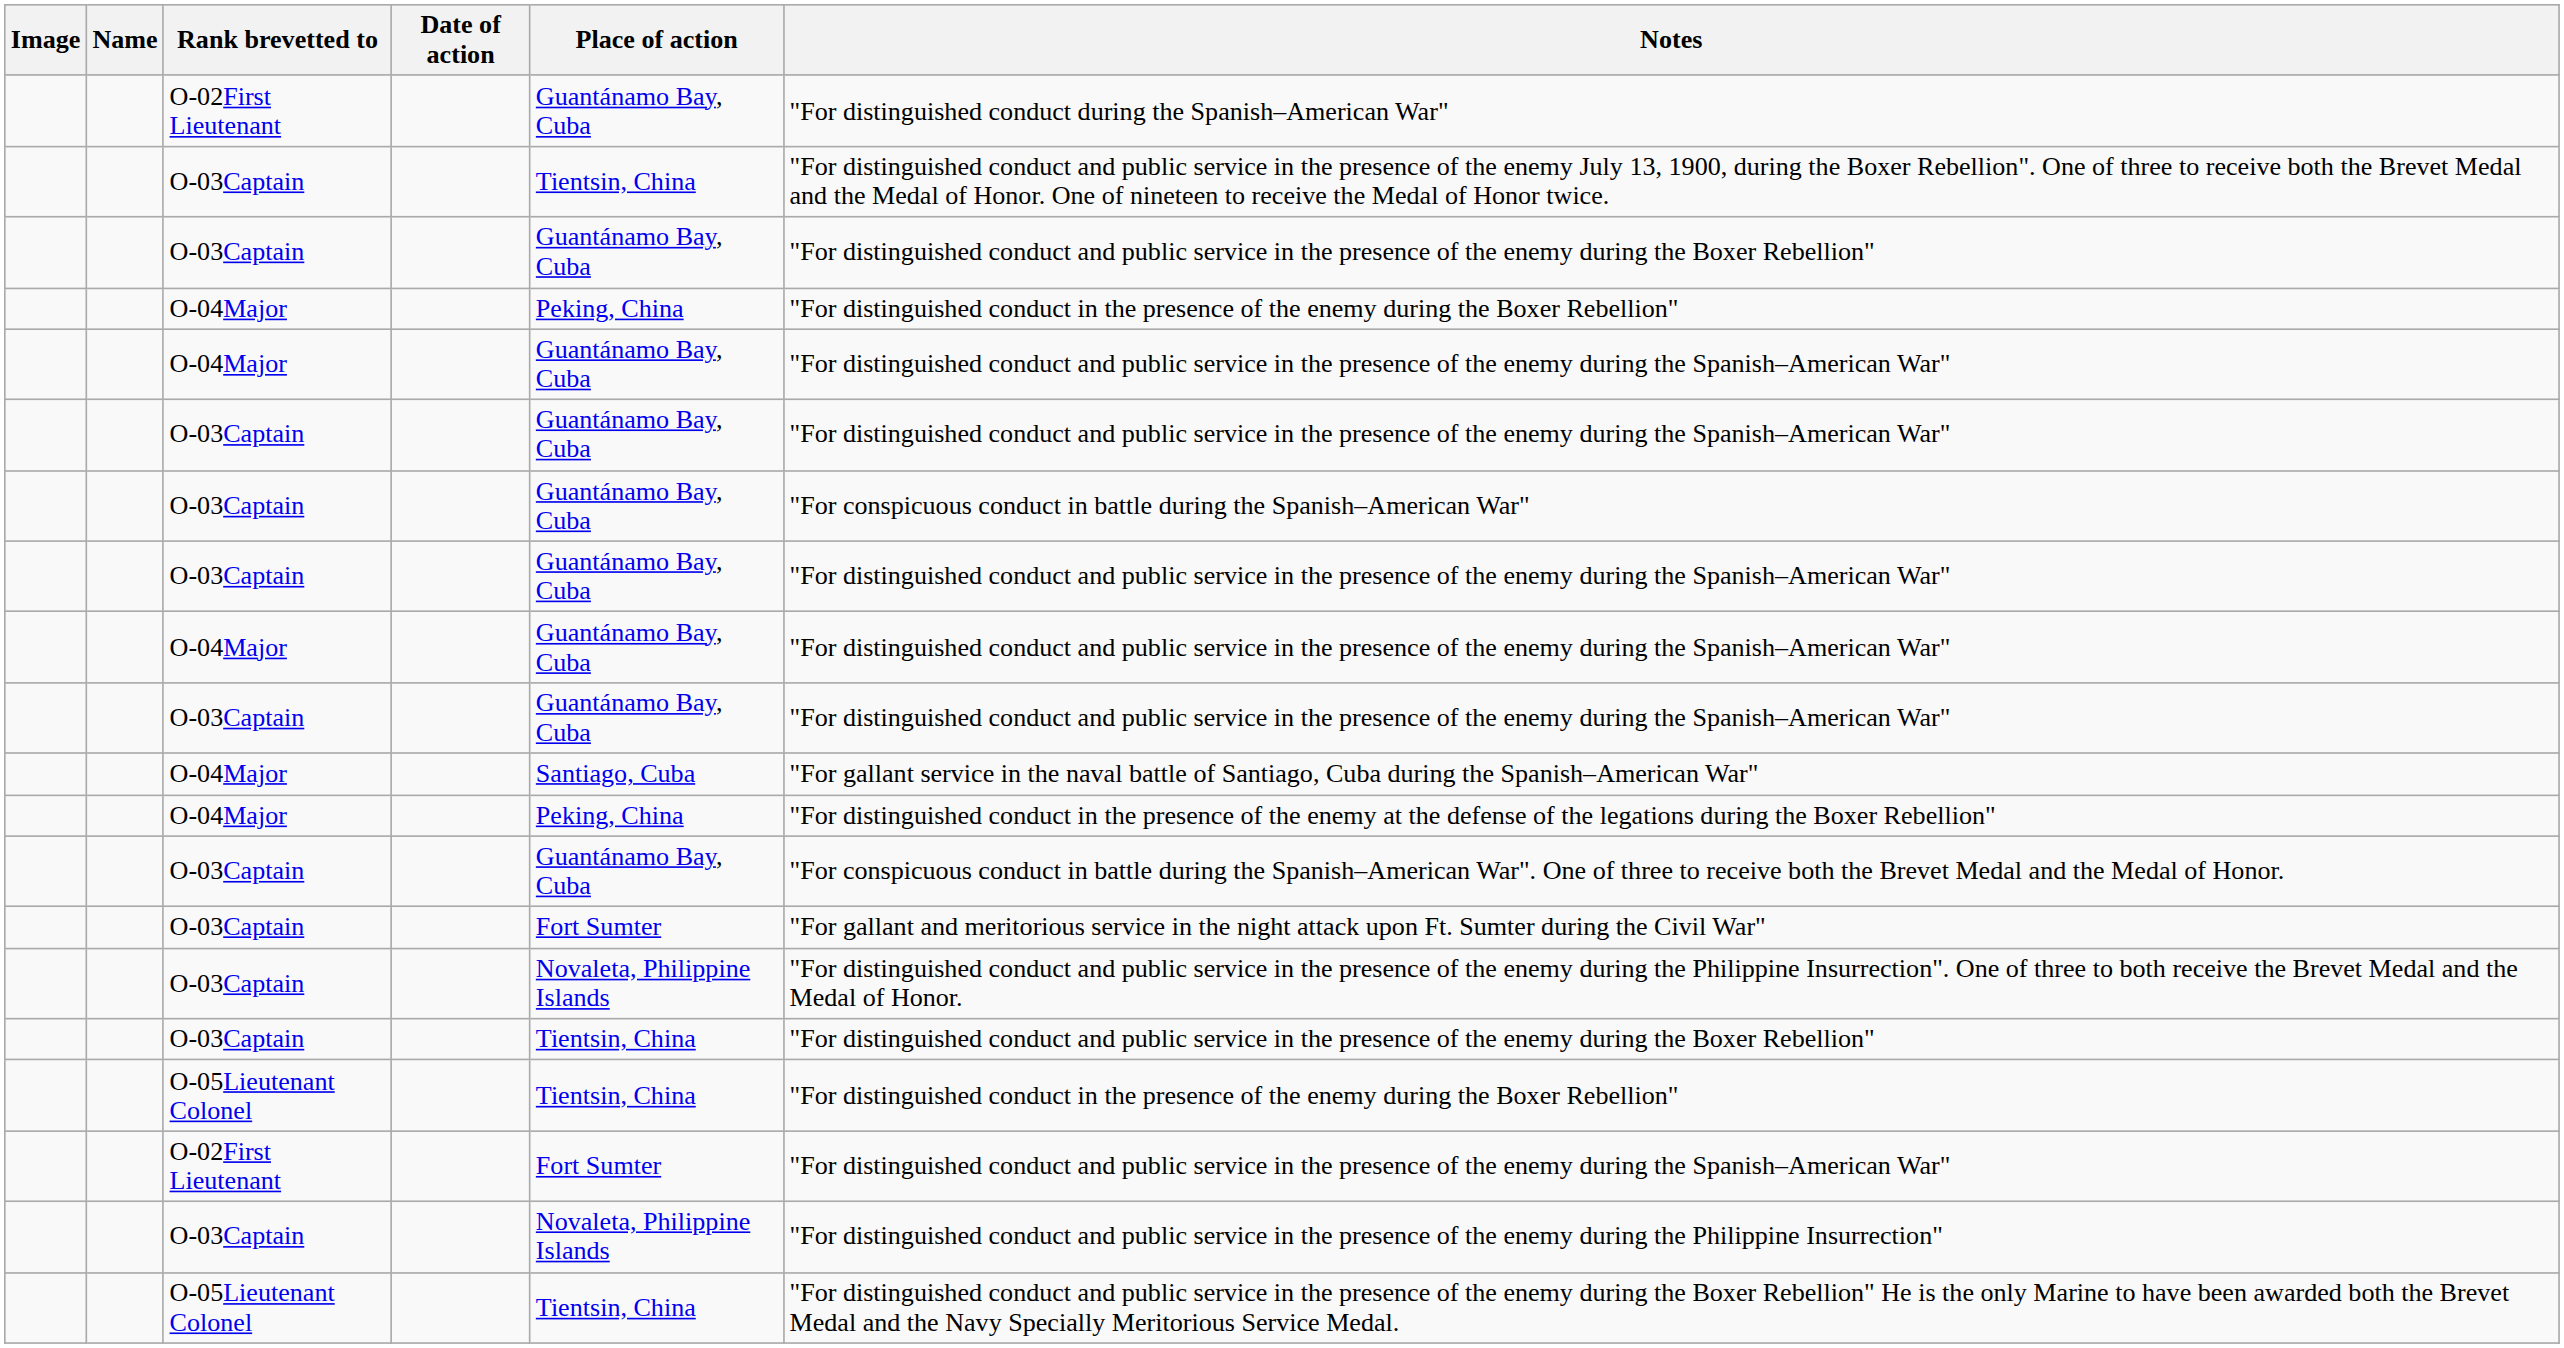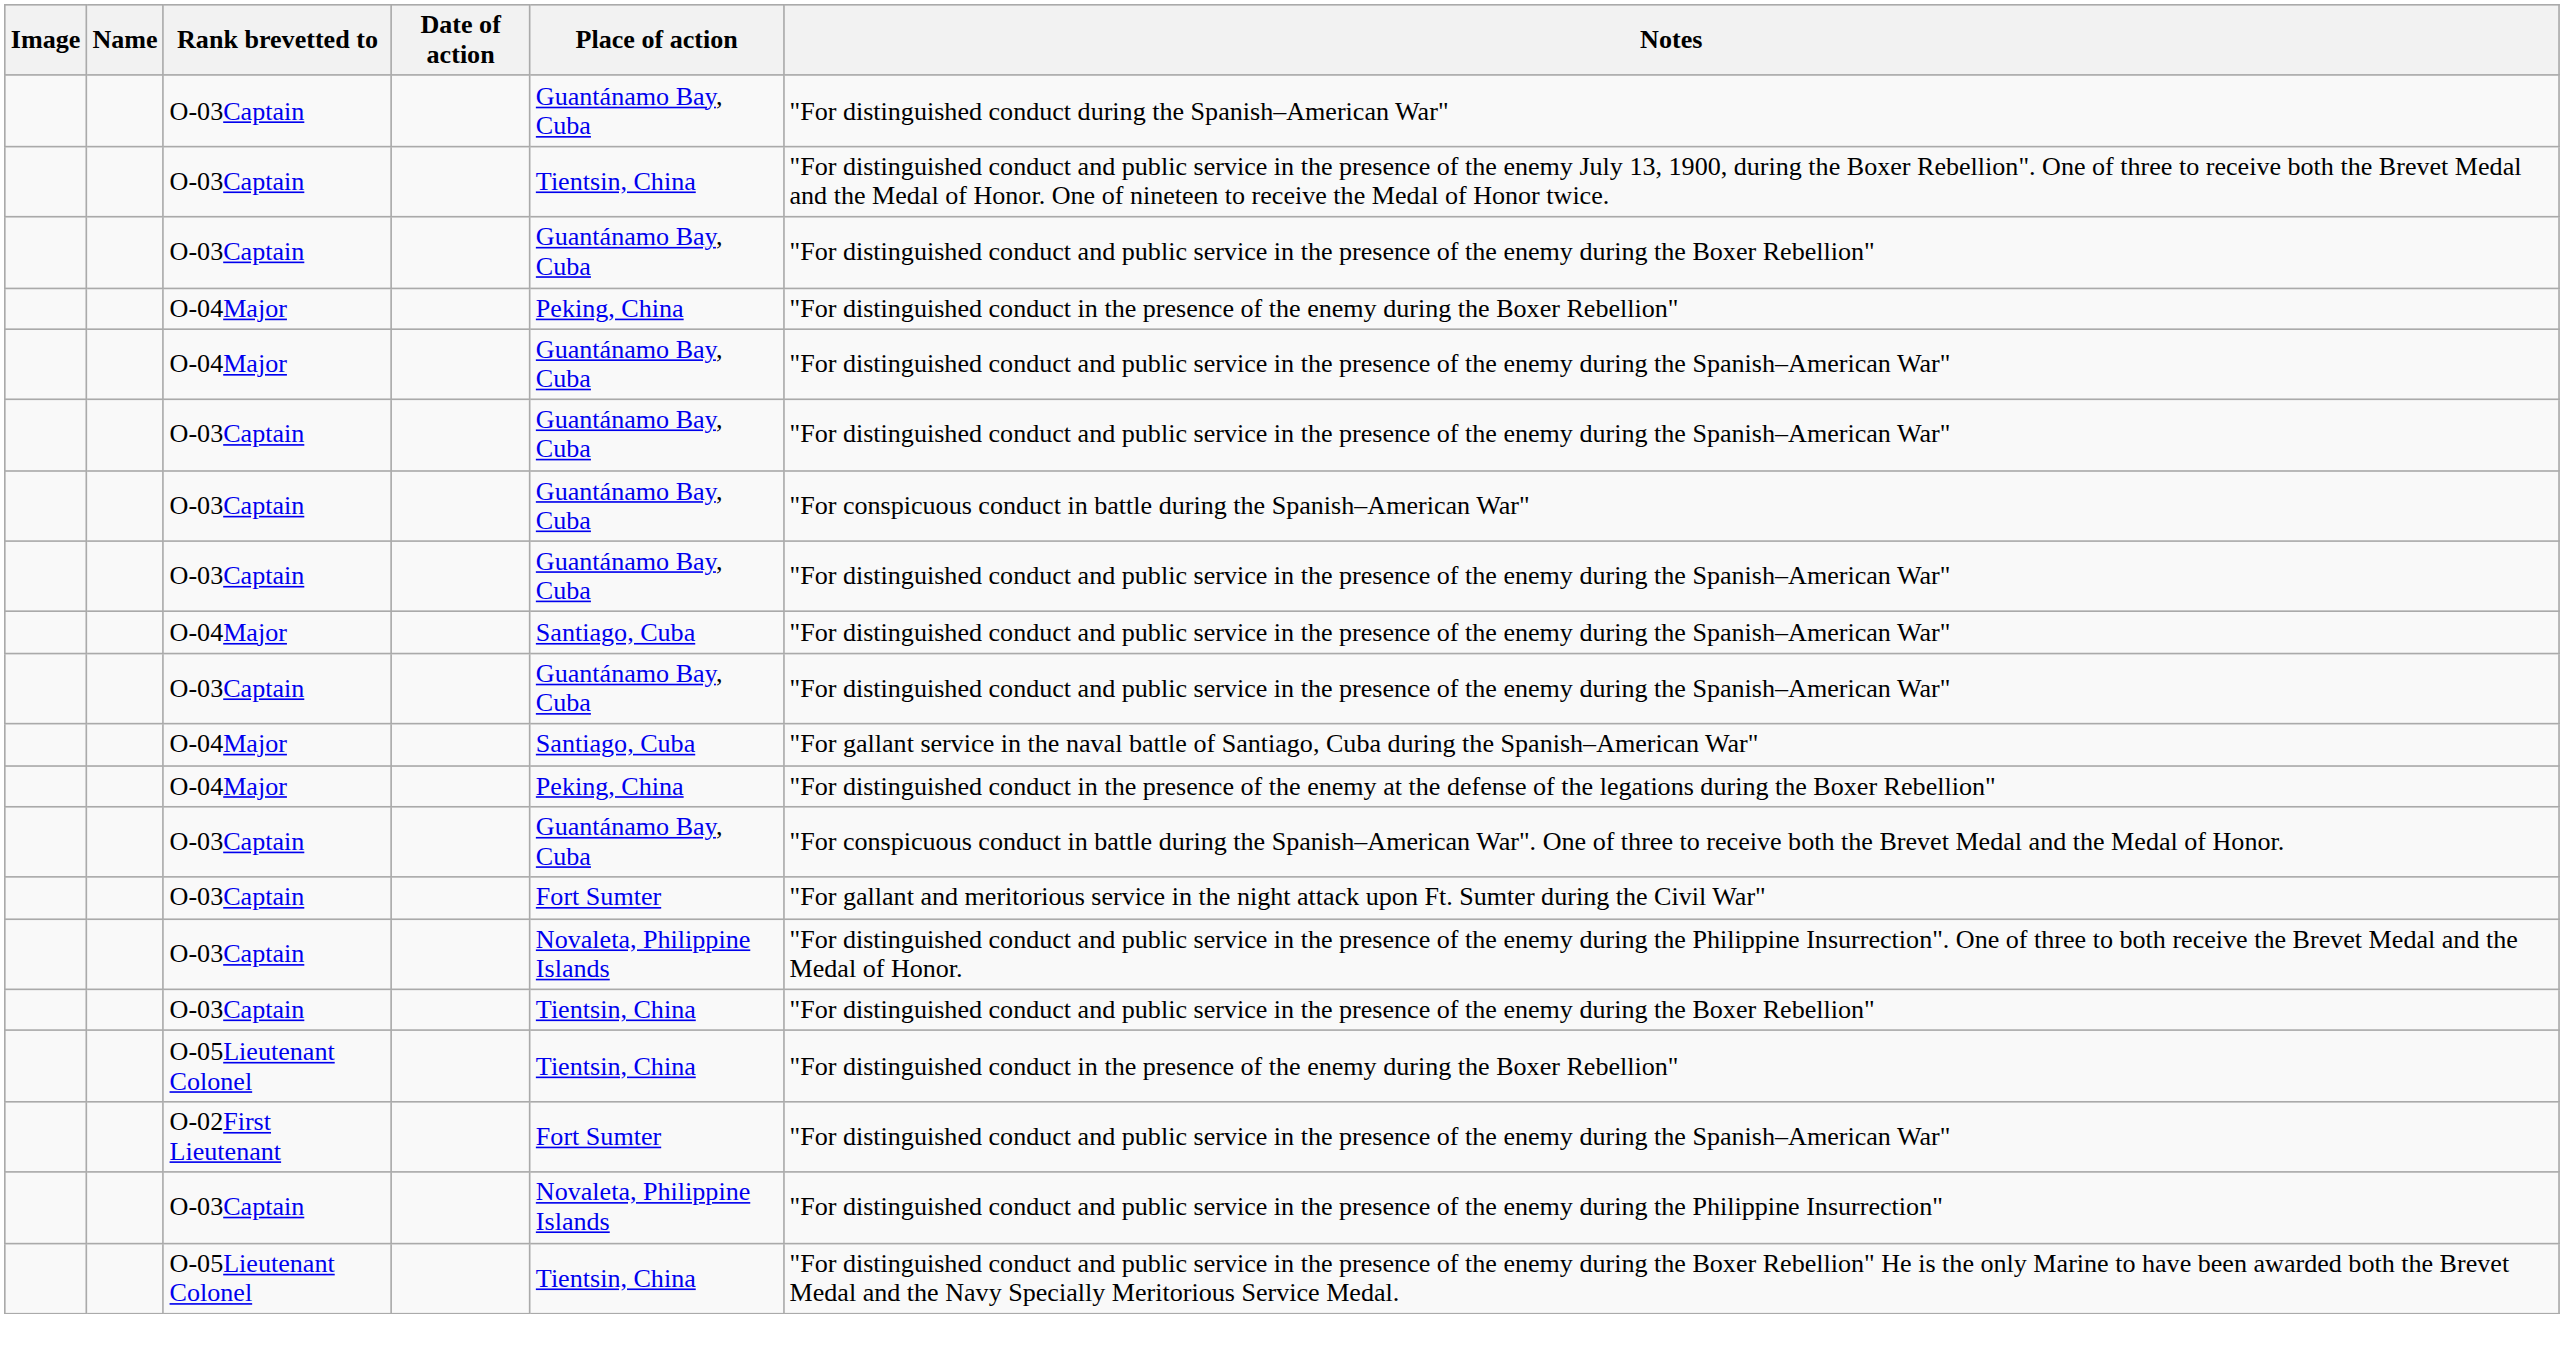 <table class="wikitable sortable" border="1">
 <tr>
 <th class="unsortable">Image</th>
 <th>Name</th>
 <th>Rank brevetted to</th>
 <th>Date of action</th>
 <th>Place of action</th>
 <th class="unsortable">Notes</th>
 </tr>
 <tr>
 <td></td>
 <td></td>
-<td><span>O-02</span><a href='#'>First Lieutenant</a></td>
+<td><span>O-03</span><a href='#'>Captain</a></td>
 <td></td>
 <td><a href='#'>Guantánamo Bay</a>, <a href='#'>Cuba</a></td>
 <td>"For distinguished conduct during the Spanish–American War"</td>
 </tr>
 <tr>
 <td></td>
 <td></td>
 <td><span>O-03</span><a href='#'>Captain</a></td>
 <td></td>
 <td><a href='#'>Tientsin, China</a></td>
 <td>"For distinguished conduct and public service in the presence of the enemy July 13, 1900, during the Boxer Rebellion". One of three to receive both the Brevet Medal and the Medal of Honor.  One of nineteen to receive the Medal of Honor twice.</td>
 </tr>
 <tr>
 <td></td>
 <td></td>
 <td><span>O-03</span><a href='#'>Captain</a></td>
 <td></td>
 <td><a href='#'>Guantánamo Bay</a>, <a href='#'>Cuba</a></td>
 <td>"For distinguished conduct and public service in the presence of the enemy during the Boxer Rebellion"</td>
 </tr>
 <tr>
 <td></td>
 <td></td>
 <td><span>O-04</span><a href='#'>Major</a></td>
 <td></td>
 <td><a href='#'>Peking, China</a></td>
 <td>"For distinguished conduct in the presence of the enemy during the Boxer Rebellion"</td>
 </tr>
 <tr>
 <td></td>
 <td></td>
 <td><span>O-04</span><a href='#'>Major</a></td>
 <td></td>
 <td><a href='#'>Guantánamo Bay</a>, <a href='#'>Cuba</a></td>
 <td>"For distinguished conduct and public service in the presence of the enemy during the Spanish–American War"</td>
 </tr>
 <tr>
 <td></td>
 <td></td>
 <td><span>O-03</span><a href='#'>Captain</a></td>
 <td></td>
 <td><a href='#'>Guantánamo Bay</a>, <a href='#'>Cuba</a></td>
 <td>"For distinguished conduct and public service in the presence of the enemy during the Spanish–American War"</td>
 </tr>
 <tr>
 <td></td>
 <td></td>
 <td><span>O-03</span><a href='#'>Captain</a></td>
 <td></td>
 <td><a href='#'>Guantánamo Bay</a>, <a href='#'>Cuba</a></td>
 <td>"For conspicuous conduct in battle during the Spanish–American War"</td>
 </tr>
 <tr>
 <td></td>
 <td></td>
 <td><span>O-03</span><a href='#'>Captain</a></td>
 <td></td>
 <td><a href='#'>Guantánamo Bay</a>, <a href='#'>Cuba</a></td>
 <td>"For distinguished conduct and public service in the presence of the enemy during the Spanish–American War"</td>
 </tr>
 <tr>
 <td></td>
 <td></td>
 <td><span>O-04</span><a href='#'>Major</a></td>
 <td></td>
-<td><a href='#'>Guantánamo Bay</a>, <a href='#'>Cuba</a></td>
+<td><a href='#'>Santiago, Cuba</a></td>
 <td>"For distinguished conduct and public service in the presence of the enemy during the Spanish–American War"</td>
 </tr>
 <tr>
 <td></td>
 <td></td>
 <td><span>O-03</span><a href='#'>Captain</a></td>
 <td></td>
 <td><a href='#'>Guantánamo Bay</a>, <a href='#'>Cuba</a></td>
 <td>"For distinguished conduct and public service in the presence of the enemy during the Spanish–American War"</td>
 </tr>
 <tr>
 <td></td>
 <td></td>
 <td><span>O-04</span><a href='#'>Major</a></td>
 <td></td>
 <td><a href='#'>Santiago, Cuba</a></td>
 <td>"For gallant service in the naval battle of Santiago, Cuba during the Spanish–American War"</td>
 </tr>
 <tr>
 <td></td>
 <td></td>
 <td><span>O-04</span><a href='#'>Major</a></td>
 <td></td>
 <td><a href='#'>Peking, China</a></td>
 <td>"For distinguished conduct in the presence of the enemy at the defense of the legations during the Boxer Rebellion"</td>
 </tr>
 <tr>
 <td></td>
 <td></td>
 <td><span>O-03</span><a href='#'>Captain</a></td>
 <td></td>
 <td><a href='#'>Guantánamo Bay</a>, <a href='#'>Cuba</a></td>
 <td>"For conspicuous conduct in battle during the Spanish–American War". One of three to receive both the Brevet Medal and the Medal of Honor.</td>
 </tr>
 <tr>
 <td></td>
 <td></td>
 <td><span>O-03</span><a href='#'>Captain</a></td>
 <td></td>
 <td><a href='#'>Fort Sumter</a></td>
 <td>"For gallant and meritorious service in the night attack upon Ft. Sumter during the Civil War"</td>
 </tr>
 <tr>
 <td></td>
 <td></td>
 <td><span>O-03</span><a href='#'>Captain</a></td>
 <td></td>
 <td><a href='#'>Novaleta, Philippine Islands</a></td>
 <td>"For distinguished conduct and public service in the presence of the enemy during the Philippine Insurrection". One of three to both receive the Brevet Medal and the Medal of Honor.</td>
 </tr>
 <tr>
 <td></td>
 <td></td>
 <td><span>O-03</span><a href='#'>Captain</a></td>
 <td></td>
 <td><a href='#'>Tientsin, China</a></td>
 <td>"For distinguished conduct and public service in the presence of the enemy during the Boxer Rebellion"</td>
 </tr>
 <tr>
 <td></td>
 <td></td>
 <td><span>O-05</span><a href='#'>Lieutenant Colonel</a></td>
 <td></td>
 <td><a href='#'>Tientsin, China</a></td>
 <td>"For distinguished conduct in the presence of the enemy during the Boxer Rebellion"</td>
 </tr>
 <tr>
 <td></td>
 <td></td>
 <td><span>O-02</span><a href='#'>First Lieutenant</a></td>
 <td></td>
 <td><a href='#'>Fort Sumter</a></td>
 <td>"For distinguished conduct and public service in the presence of the enemy during the Spanish–American War"</td>
 </tr>
 <tr>
 <td></td>
 <td></td>
 <td><span>O-03</span><a href='#'>Captain</a></td>
 <td></td>
 <td><a href='#'>Novaleta, Philippine Islands</a></td>
 <td>"For distinguished conduct and public service in the presence of the enemy during the Philippine Insurrection"</td>
 </tr>
 <tr>
 <td></td>
 <td></td>
 <td><span>O-05</span><a href='#'>Lieutenant Colonel</a></td>
 <td></td>
 <td><a href='#'>Tientsin, China</a></td>
 <td>"For distinguished conduct and public service in the presence of the enemy during the Boxer Rebellion"  He is the only Marine to have been awarded both the Brevet Medal and the Navy Specially Meritorious Service Medal.</td>
 </tr>
 </table>
